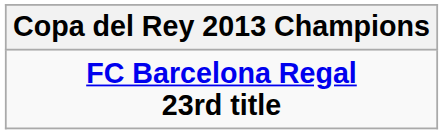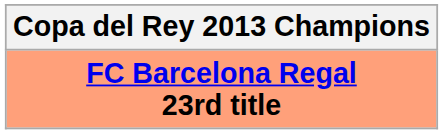 <table class=wikitable style="text-align:center; margin:auto">
 <tr>
 <th>Copa del Rey 2013 Champions</th>
 </tr>
 <tr>
-<td><strong><a href='#'>FC Barcelona Regal</a></strong> <br> <strong>23rd title</strong></td>
+<td style="background: lightsalmon;"><strong><a href='#'>FC Barcelona Regal</a></strong> <br> <strong>23rd title</strong></td>
 </tr>
 </table>
